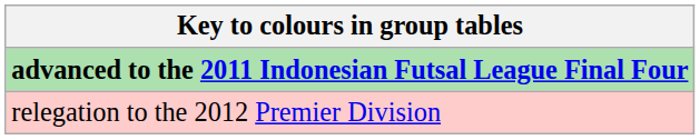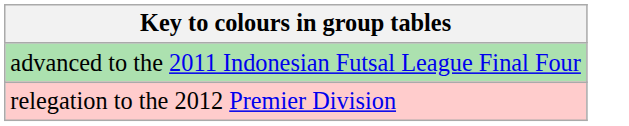 <table class="wikitable">
 <tr>
 <th>Key to colours in group tables</th>
 </tr>
 <tr bgcolor=#ACE1AF>
-<td><strong>advanced to the <a href='#'>2011 Indonesian Futsal League Final Four</a></strong></td>
+<td>advanced to the <a href='#'>2011 Indonesian Futsal League Final Four</a></td>
 </tr>
 <tr bgcolor=#FFCCCC>
 <td>relegation to the 2012 <a href='#'>Premier Division</a></td>
 </tr>
 </table>
